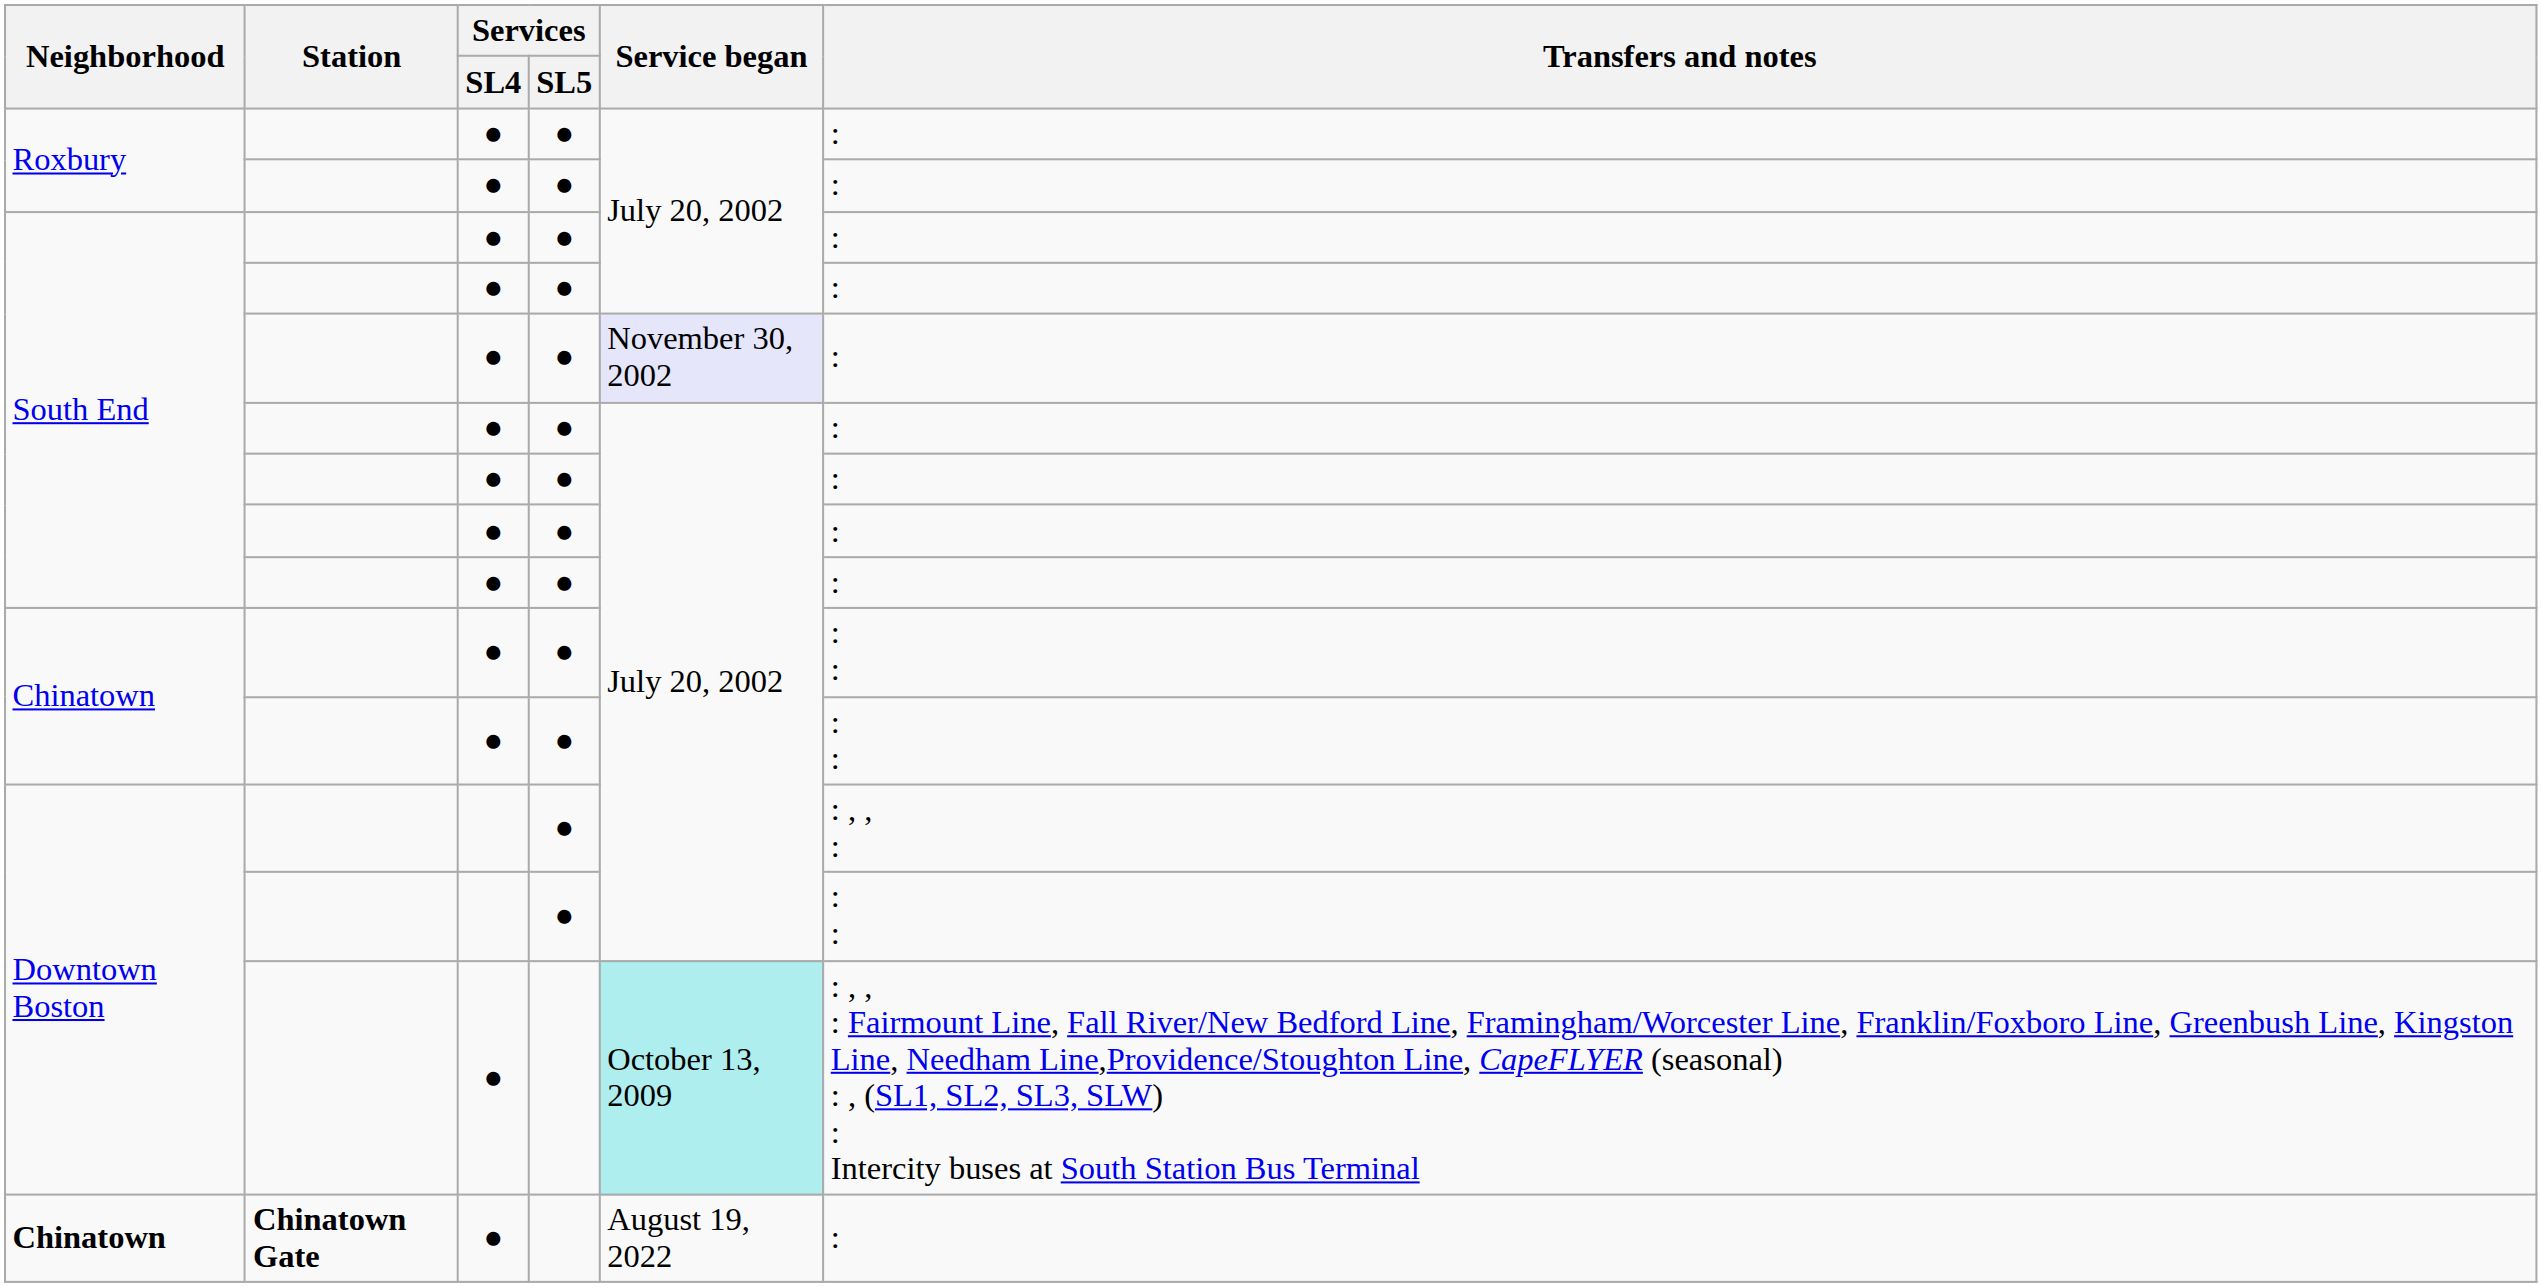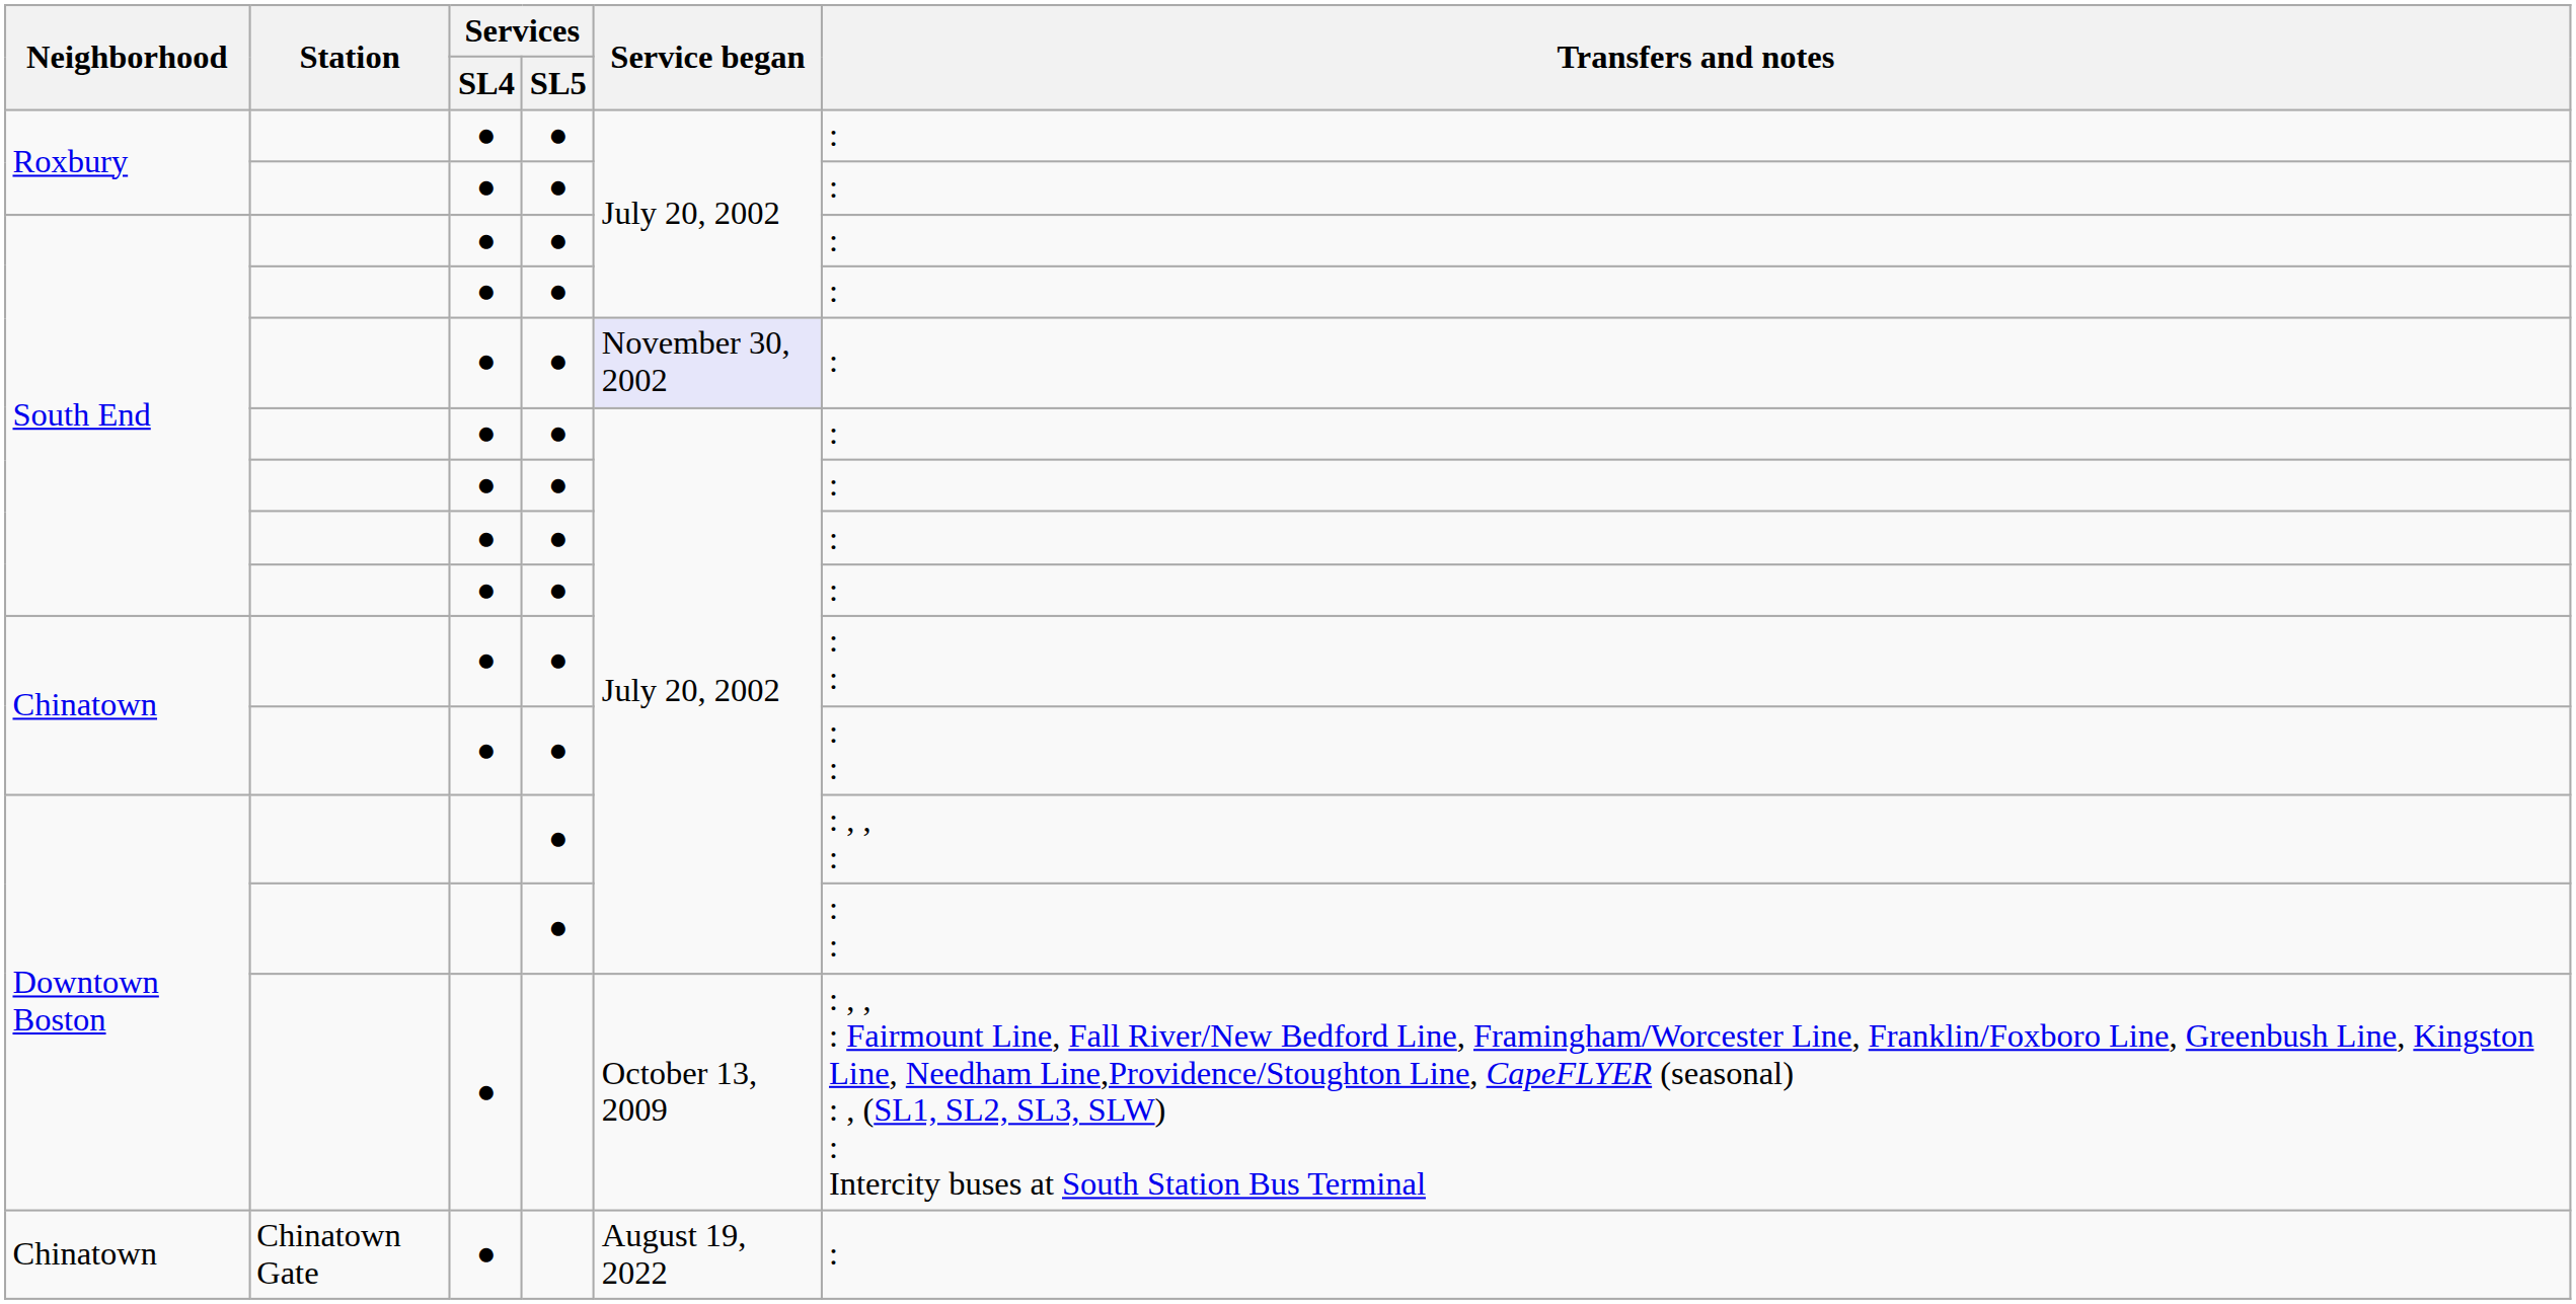 <table class="wikitable">
 <tr>
 <th rowspan=2>Neighborhood</th>
 <th rowspan=2>Station</th>
 <th colspan=2>Services</th>
 <th rowspan=2>Service began</th>
 <th rowspan=2>Transfers and notes</th>
 </tr>
 <tr>
 <th>SL4</th>
 <th>SL5</th>
 </tr>
 <tr>
 <td rowspan=2><a href='#'>Roxbury</a></td>
 <td></td>
 <td align=center>●</td>
 <td align=center>●</td>
 <td rowspan=4>July 20, 2002</td>
 <td>: </td>
 </tr>
 <tr>
 <td></td>
 <td align=center>●</td>
 <td align=center>●</td>
 <td>: </td>
 </tr>
 <tr>
 <td rowspan=7><a href='#'>South End</a></td>
 <td></td>
 <td align=center>●</td>
 <td align=center>●</td>
 <td>: </td>
 </tr>
 <tr>
 <td></td>
 <td align=center>●</td>
 <td align=center>●</td>
 <td>: </td>
 </tr>
 <tr>
 <td></td>
 <td align=center>●</td>
 <td align=center>●</td>
 <td style="background: lavender;">November 30, 2002</td>
 <td>: </td>
 </tr>
 <tr>
 <td></td>
 <td align=center>●</td>
 <td align=center>●</td>
 <td rowspan=8>July 20, 2002</td>
 <td>: </td>
 </tr>
 <tr>
 <td></td>
 <td align=center>●</td>
 <td align=center>●</td>
 <td>: </td>
 </tr>
 <tr>
 <td></td>
 <td align=center>●</td>
 <td align=center>●</td>
 <td>: </td>
 </tr>
 <tr>
 <td></td>
 <td align=center>●</td>
 <td align=center>●</td>
 <td>: </td>
 </tr>
 <tr>
 <td rowspan=2><a href='#'>Chinatown</a></td>
 <td></td>
 <td align=center>●</td>
 <td align=center>●</td>
 <td>: <br>: </td>
 </tr>
 <tr>
 <td></td>
 <td align=center>●</td>
 <td align=center>●</td>
 <td>: <br>: </td>
 </tr>
 <tr>
 <td rowspan=3><a href='#'>Downtown Boston</a></td>
 <td></td>
 <td></td>
 <td align=center>●</td>
 <td>: , , <br>: </td>
 </tr>
 <tr>
 <td></td>
 <td></td>
 <td align=center>●</td>
 <td>: <br>: </td>
 </tr>
 <tr>
 <td></td>
 <td align=center>●</td>
 <td></td>
-<td style="background: paleturquoise;">October 13, 2009</td>
+<td>October 13, 2009</td>
 <td>: , , <br>: <a href='#'>Fairmount Line</a>, <a href='#'>Fall River/New Bedford Line</a>, <a href='#'>Framingham/Worcester Line</a>, <a href='#'>Franklin/Foxboro Line</a>, <a href='#'>Greenbush Line</a>, <a href='#'>Kingston Line</a>, <a href='#'>Needham Line</a>,<a href='#'>Providence/Stoughton Line</a>, <em><a href='#'>CapeFLYER</a></em> (seasonal)<br>: ,  (<a href='#'>SL1, SL2, SL3, SLW</a>)<br>: <br> Intercity buses at <a href='#'>South Station Bus Terminal</a></td>
 </tr>
 <tr>
-<td><strong>Chinatown</strong></td>
-<td><strong>Chinatown Gate</strong></td>
+<td>Chinatown</td>
+<td>Chinatown Gate</td>
 <td align=center>●</td>
 <td></td>
 <td>August 19, 2022</td>
 <td>: </td>
 </tr>
 </table>
